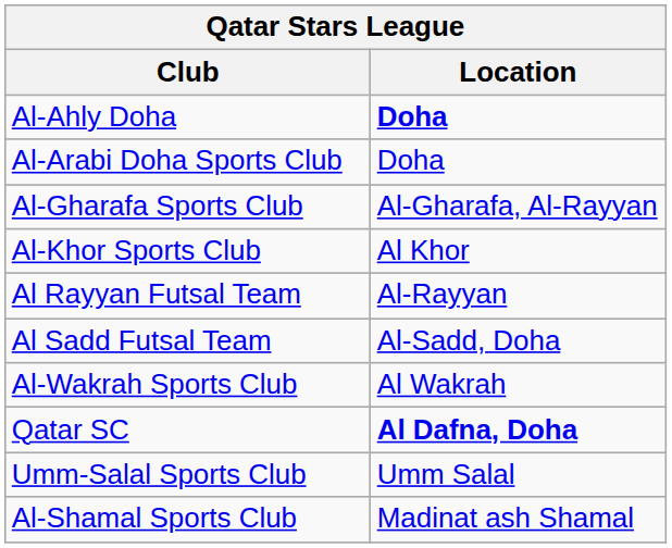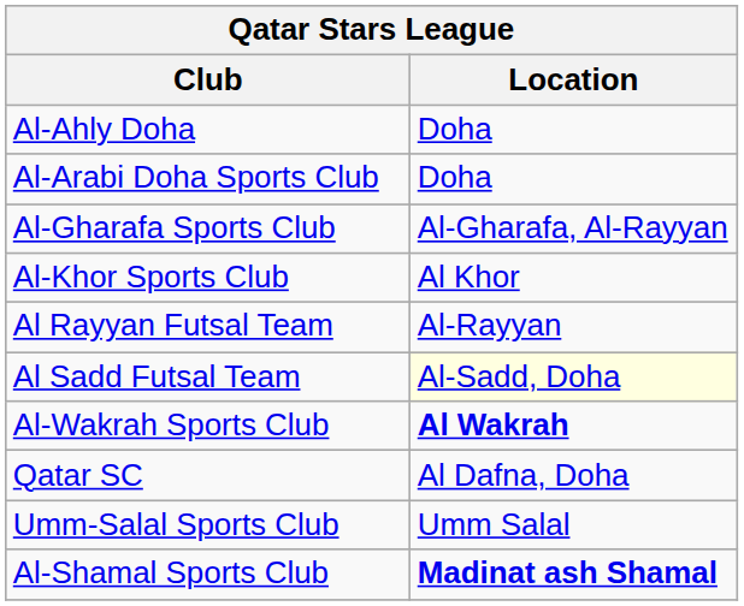 <table class="wikitable">
 <tr>
 <th colspan="4">Qatar Stars League</th>
 </tr>
 <tr>
 <th style="width:200px;">Club</th>
 <th style="width:160px;">Location</th>
 </tr>
 <tr style="vertical-align:top;">
 <td><a href='#'>Al-Ahly Doha</a></td>
-<td><strong><a href='#'>Doha</a></strong></td>
+<td><a href='#'>Doha</a></td>
 </tr>
 <tr style="vertical-align:top;">
 <td><a href='#'>Al-Arabi Doha Sports Club</a></td>
 <td><a href='#'>Doha</a></td>
 </tr>
 <tr style="vertical-align:top;">
 <td><a href='#'>Al-Gharafa Sports Club</a></td>
 <td><a href='#'>Al-Gharafa, Al-Rayyan</a></td>
 </tr>
 <tr style="vertical-align:top;">
 <td><a href='#'>Al-Khor Sports Club</a></td>
 <td><a href='#'>Al Khor</a></td>
 </tr>
 <tr style="vertical-align:top;">
 <td><a href='#'>Al Rayyan Futsal Team</a></td>
 <td><a href='#'>Al-Rayyan</a></td>
 </tr>
 <tr style="vertical-align:top;">
 <td><a href='#'>Al Sadd Futsal Team</a></td>
-<td><a href='#'>Al-Sadd, Doha</a></td>
+<td style="background: lightyellow;"><a href='#'>Al-Sadd, Doha</a></td>
 </tr>
 <tr style="vertical-align:top;">
 <td><a href='#'>Al-Wakrah Sports Club</a></td>
-<td><a href='#'>Al Wakrah</a></td>
+<td><strong><a href='#'>Al Wakrah</a></strong></td>
 </tr>
 <tr style="vertical-align:top;">
 <td><a href='#'>Qatar SC</a></td>
-<td><strong><a href='#'>Al Dafna, Doha</a></strong></td>
+<td><a href='#'>Al Dafna, Doha</a></td>
 </tr>
 <tr style="vertical-align:top;">
 <td><a href='#'>Umm-Salal Sports Club</a></td>
 <td><a href='#'>Umm Salal</a></td>
 </tr>
 <tr style="vertical-align:top;">
 <td><a href='#'>Al-Shamal Sports Club</a></td>
-<td><a href='#'>Madinat ash Shamal</a></td>
+<td><strong><a href='#'>Madinat ash Shamal</a></strong></td>
 </tr>
 </table>
